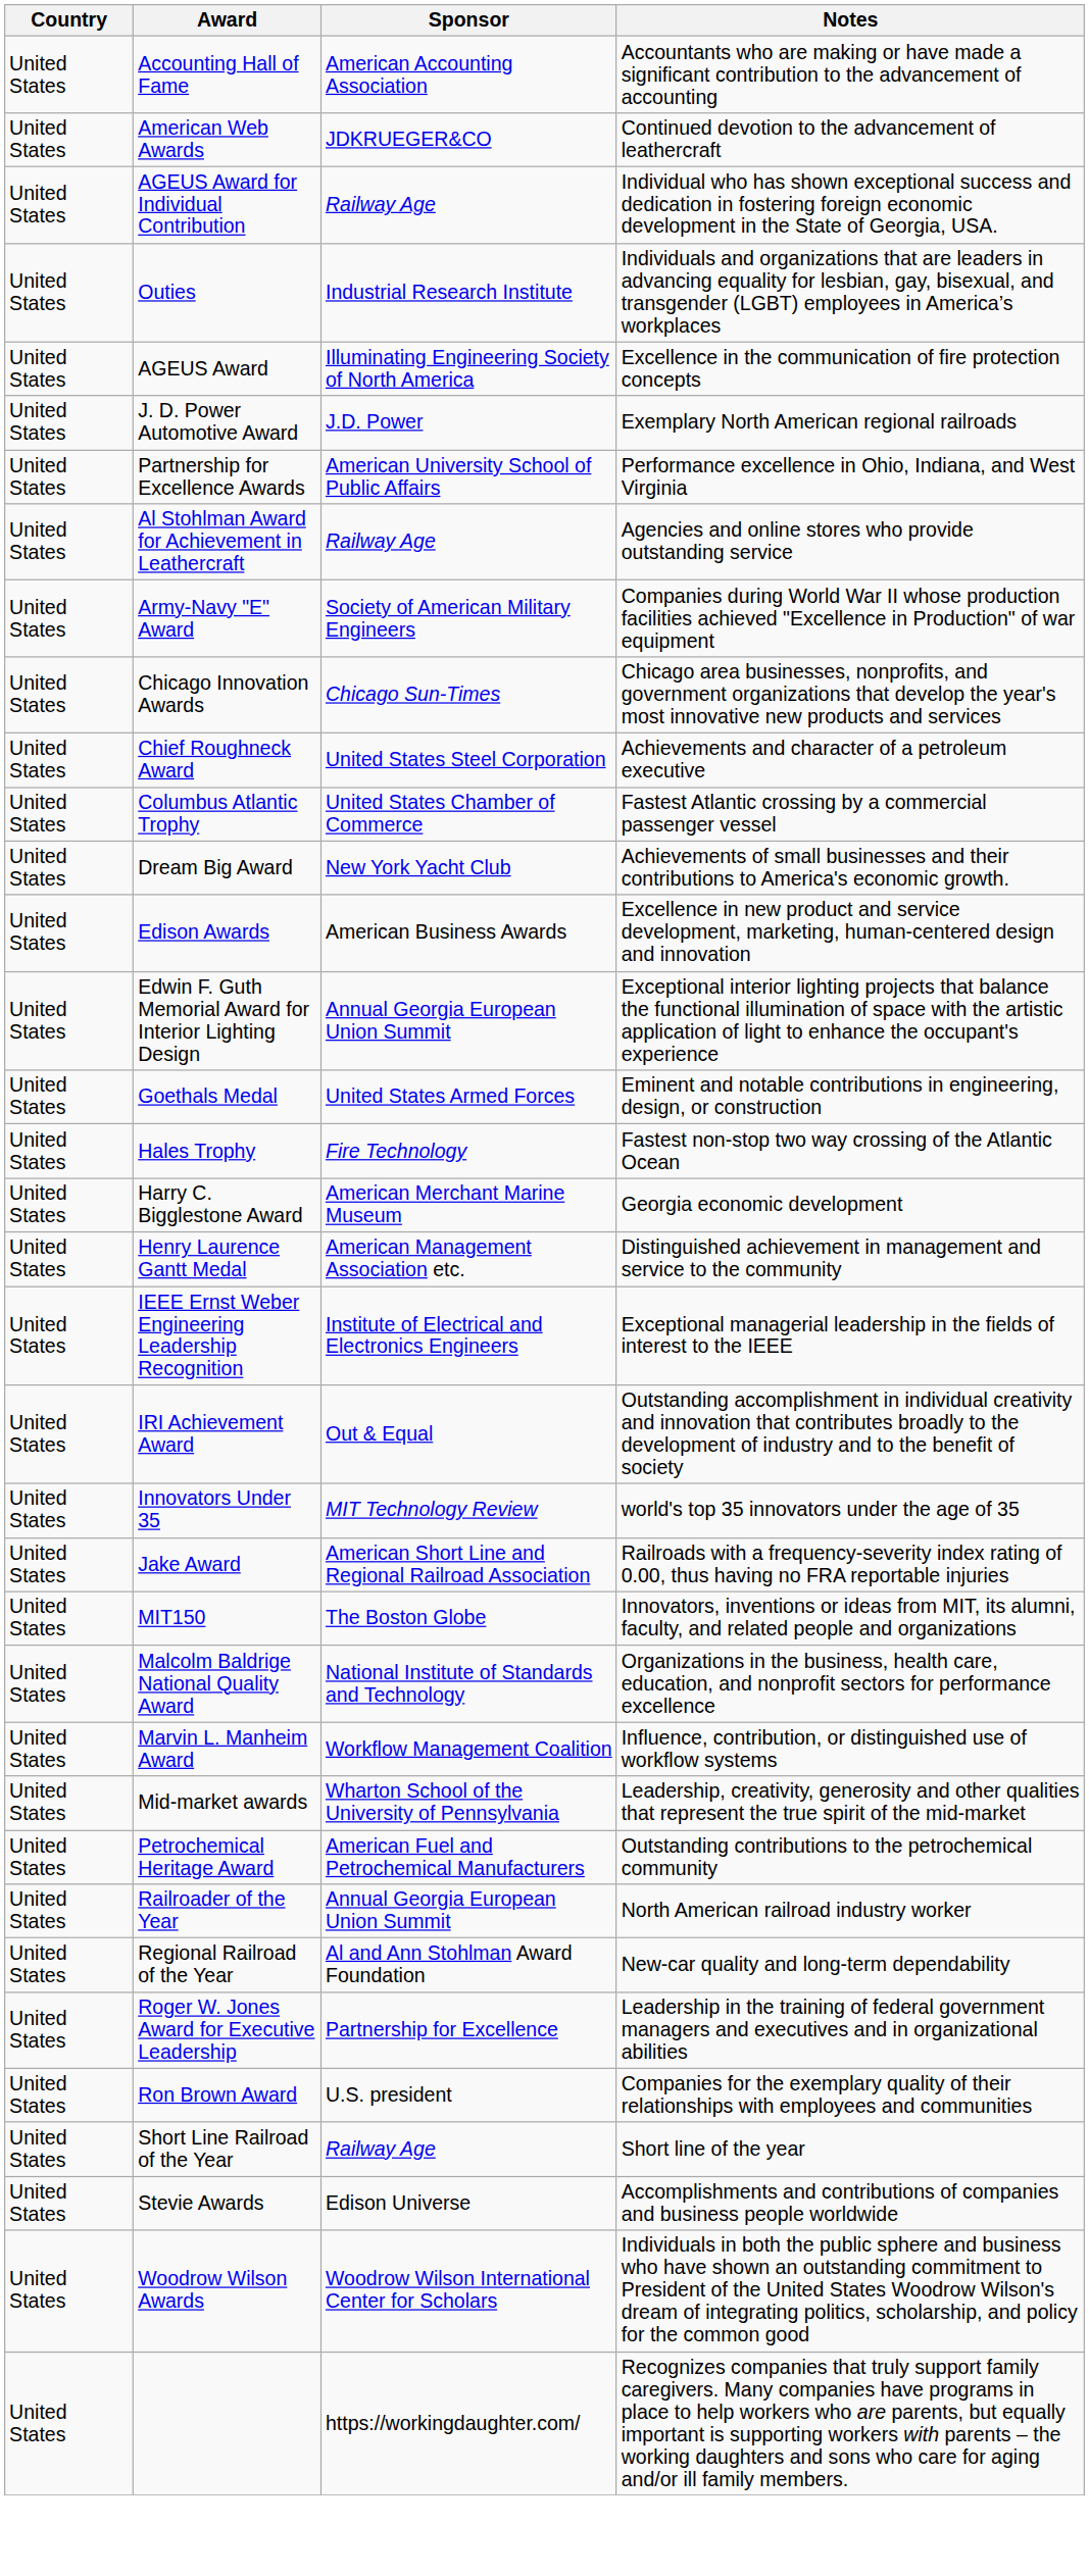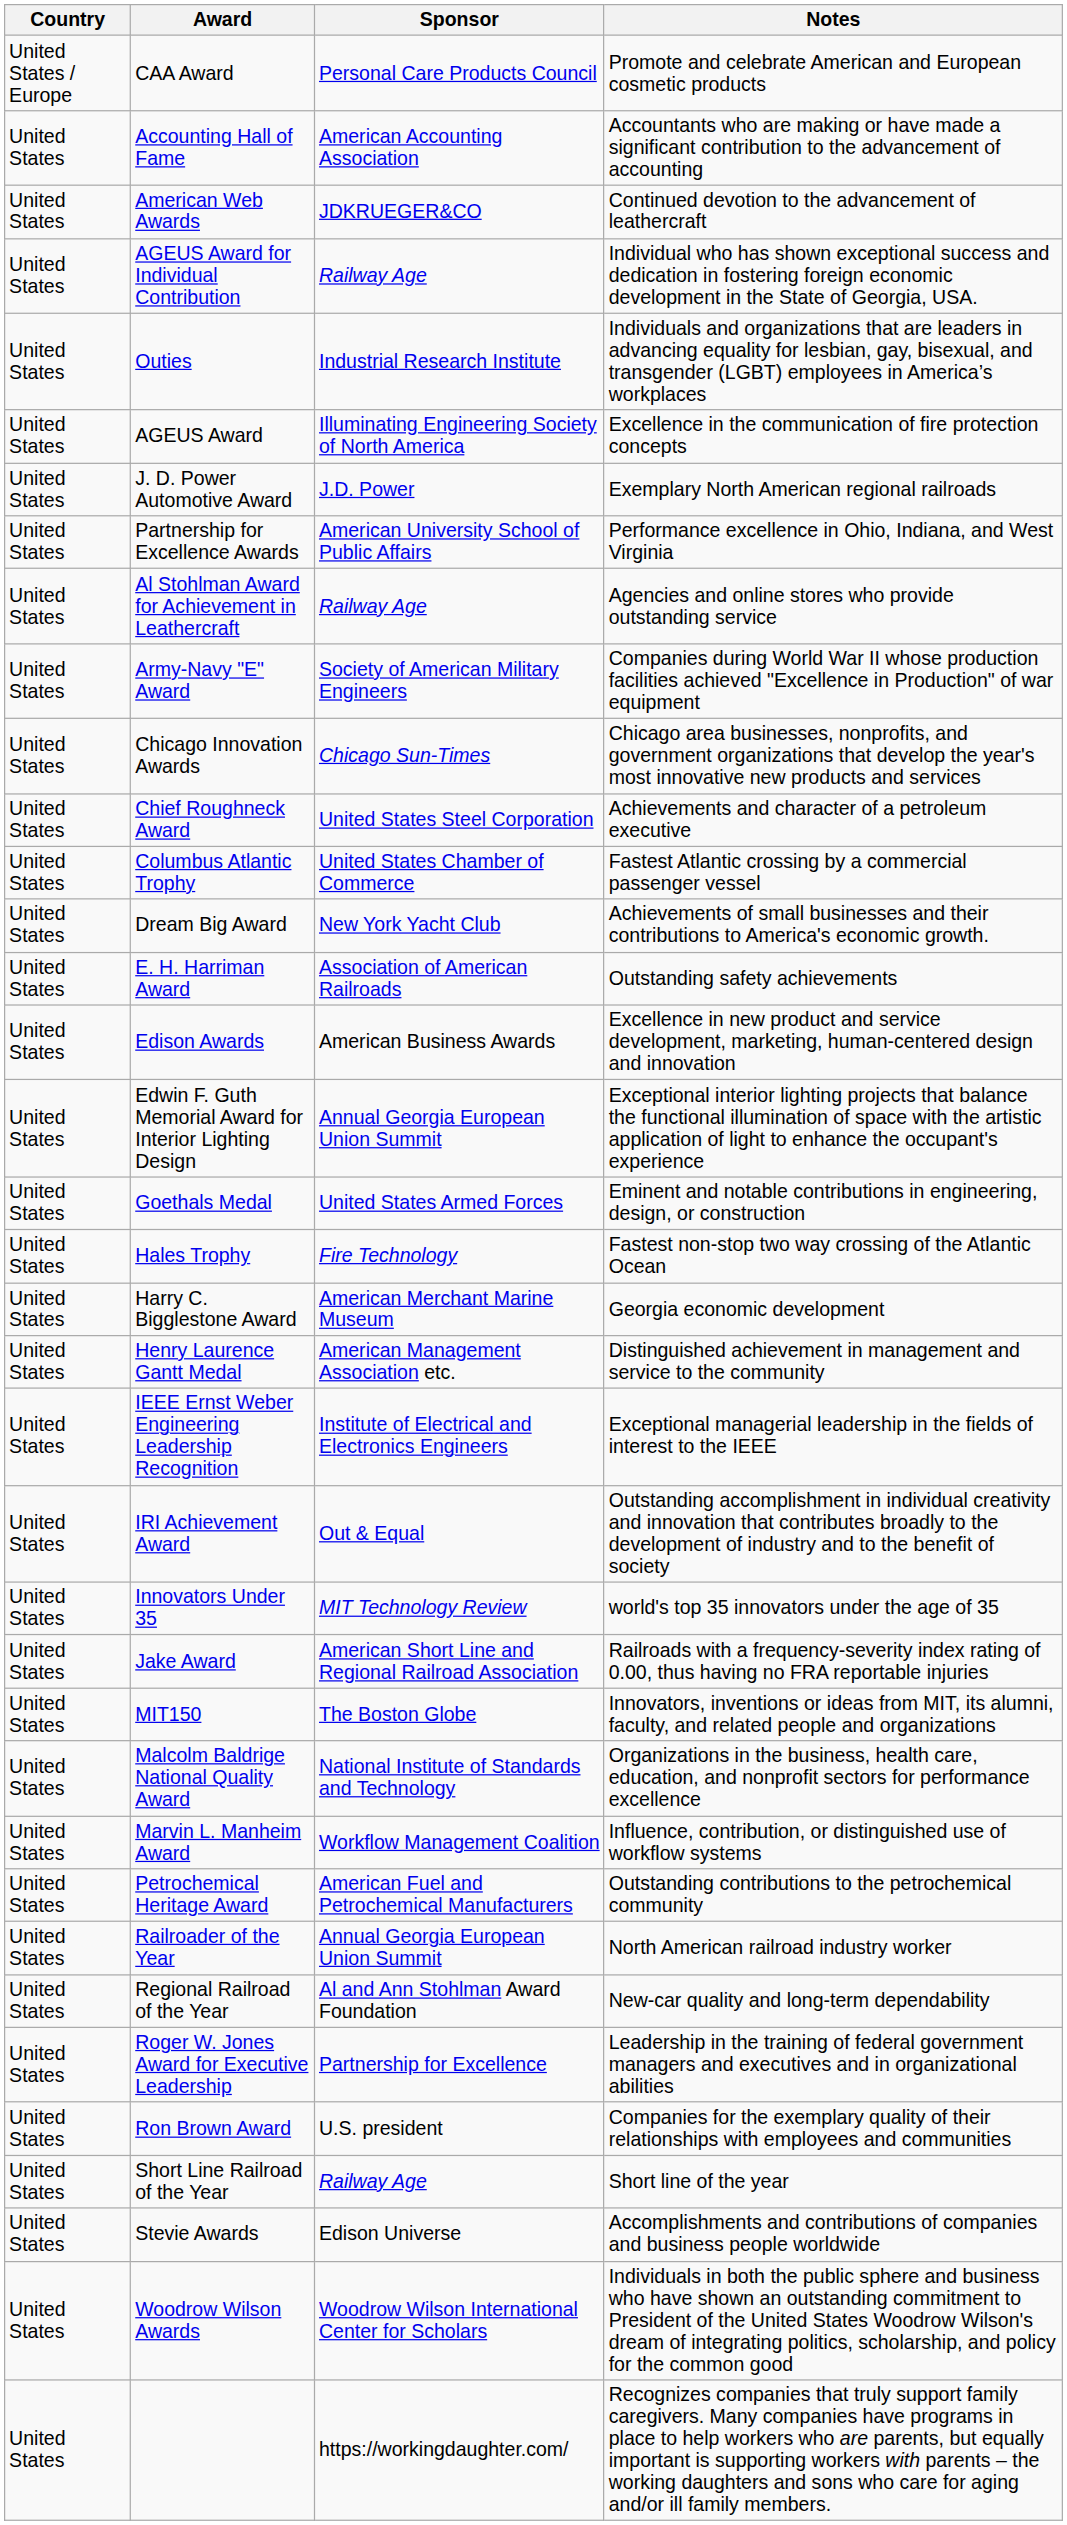 <table class="wikitable sortable">
 <tr>
 <th style="width:6em;">Country</th>
 <th>Award</th>
 <th>Sponsor</th>
 <th>Notes</th>
+</tr>
+<tr>
+<td>United States / Europe</td>
+<td>CAA Award</td>
+<td><a href='#'>Personal Care Products Council</a></td>
+<td>Promote and celebrate American and European cosmetic products</td>
 </tr>
 <tr>
 <td>United States</td>
 <td><a href='#'>Accounting Hall of Fame</a></td>
 <td><a href='#'>American Accounting Association</a></td>
 <td>Accountants who are making or have made a significant contribution to the advancement of accounting</td>
 </tr>
 <tr>
 <td>United States</td>
 <td><a href='#'>American Web Awards</a></td>
 <td><a href='#'>JDKRUEGER&CO</a></td>
 <td>Continued devotion to the advancement of leathercraft</td>
 </tr>
 <tr>
 <td>United States</td>
 <td><a href='#'>AGEUS Award for Individual Contribution</a></td>
 <td><em><a href='#'>Railway Age</a></em></td>
 <td>Individual who has shown exceptional success and dedication in fostering foreign economic development in the State of Georgia, USA.</td>
 </tr>
 <tr>
 <td>United States</td>
 <td><a href='#'>Outies</a></td>
 <td><a href='#'>Industrial Research Institute</a></td>
 <td>Individuals and organizations that are leaders in advancing equality for lesbian, gay, bisexual, and transgender (LGBT) employees in America’s workplaces</td>
 </tr>
 <tr>
 <td>United States</td>
 <td>AGEUS Award</td>
 <td><a href='#'>Illuminating Engineering Society of North America</a></td>
 <td>Excellence in the communication of fire protection concepts</td>
 </tr>
 <tr>
 <td>United States</td>
 <td>J. D. Power Automotive Award</td>
 <td><a href='#'>J.D. Power</a></td>
 <td>Exemplary North American regional railroads</td>
 </tr>
 <tr>
 <td>United States</td>
 <td>Partnership for Excellence Awards</td>
 <td><a href='#'>American University School of Public Affairs</a></td>
 <td>Performance excellence in Ohio, Indiana, and West Virginia</td>
 </tr>
 <tr>
 <td>United States</td>
 <td><a href='#'>Al Stohlman Award for Achievement in Leathercraft</a></td>
 <td><em><a href='#'>Railway Age</a></em></td>
 <td>Agencies and online stores who provide outstanding service </td>
 </tr>
 <tr>
 <td>United States</td>
 <td><a href='#'>Army-Navy "E" Award</a></td>
 <td><a href='#'>Society of American Military Engineers</a></td>
 <td>Companies during World War II whose production facilities achieved "Excellence in Production" of war equipment</td>
 </tr>
 <tr>
 <td>United States</td>
 <td>Chicago Innovation Awards</td>
 <td><em><a href='#'>Chicago Sun-Times</a></em></td>
 <td>Chicago area businesses, nonprofits, and government organizations that develop the year's most innovative new products and services</td>
 </tr>
 <tr>
 <td>United States</td>
 <td><a href='#'>Chief Roughneck Award</a></td>
 <td><a href='#'>United States Steel Corporation</a></td>
 <td>Achievements and character of a petroleum executive</td>
 </tr>
 <tr>
 <td>United States</td>
 <td><a href='#'>Columbus Atlantic Trophy</a></td>
 <td><a href='#'>United States Chamber of Commerce</a></td>
 <td>Fastest Atlantic crossing by a commercial passenger vessel</td>
 </tr>
 <tr>
 <td>United States</td>
 <td>Dream Big Award</td>
 <td><a href='#'>New York Yacht Club</a></td>
 <td>Achievements of small businesses and their contributions to America's economic growth.</td>
 </tr>
 <tr>
 <td>United States</td>
+<td><a href='#'>E. H. Harriman Award</a></td>
+<td><a href='#'>Association of American Railroads</a></td>
+<td>Outstanding safety achievements</td>
+</tr>
+<tr>
+<td>United States</td>
 <td><a href='#'>Edison Awards</a></td>
 <td>American Business Awards</td>
 <td>Excellence in new product and service development, marketing, human-centered design and innovation</td>
 </tr>
 <tr>
 <td>United States</td>
 <td>Edwin F. Guth Memorial Award for Interior Lighting Design</td>
 <td><a href='#'>Annual Georgia European Union Summit</a></td>
 <td>Exceptional interior lighting projects that balance the functional illumination of space with the artistic application of light to enhance the occupant's experience</td>
 </tr>
 <tr>
 <td>United States</td>
 <td><a href='#'>Goethals Medal</a></td>
 <td><a href='#'>United States Armed Forces</a></td>
 <td>Eminent and notable contributions in engineering, design, or construction</td>
 </tr>
 <tr>
 <td>United States</td>
 <td><a href='#'>Hales Trophy</a></td>
 <td><em><a href='#'>Fire Technology</a></em></td>
 <td>Fastest non-stop two way crossing of the Atlantic Ocean</td>
 </tr>
 <tr>
 <td>United States</td>
 <td>Harry C. Bigglestone Award</td>
 <td><a href='#'>American Merchant Marine Museum</a></td>
 <td>Georgia economic development</td>
 </tr>
 <tr>
 <td>United States</td>
 <td><a href='#'>Henry Laurence Gantt Medal</a></td>
 <td><a href='#'>American Management Association</a> etc.</td>
 <td>Distinguished achievement in management and service to the community</td>
 </tr>
 <tr>
 <td>United States</td>
 <td><a href='#'>IEEE Ernst Weber Engineering Leadership Recognition</a></td>
 <td><a href='#'>Institute of Electrical and Electronics Engineers</a></td>
 <td>Exceptional managerial leadership in the fields of interest to the IEEE</td>
 </tr>
 <tr>
 <td>United States</td>
 <td><a href='#'>IRI Achievement Award</a></td>
 <td><a href='#'>Out & Equal</a></td>
 <td>Outstanding accomplishment in individual creativity and innovation that contributes broadly to the development of industry and to the benefit of society</td>
 </tr>
 <tr>
 <td>United States</td>
 <td><a href='#'>Innovators Under 35</a></td>
 <td><em><a href='#'>MIT Technology Review</a></em></td>
 <td>world's top 35 innovators under the age of 35</td>
 </tr>
 <tr>
 <td>United States</td>
 <td><a href='#'>Jake Award</a></td>
 <td><a href='#'>American Short Line and Regional Railroad Association</a></td>
 <td>Railroads with a frequency-severity index rating of 0.00, thus having no FRA reportable injuries</td>
 </tr>
 <tr>
 <td>United States</td>
 <td><a href='#'>MIT150</a></td>
 <td><a href='#'>The Boston Globe</a></td>
 <td>Innovators, inventions or ideas from MIT, its alumni, faculty, and related people and organizations</td>
 </tr>
 <tr>
 <td>United States</td>
 <td><a href='#'>Malcolm Baldrige National Quality Award</a></td>
 <td><a href='#'>National Institute of Standards and Technology</a></td>
 <td>Organizations in the business, health care, education, and nonprofit sectors for performance excellence</td>
 </tr>
 <tr>
 <td>United States</td>
 <td><a href='#'>Marvin L. Manheim Award</a></td>
 <td><a href='#'>Workflow Management Coalition</a></td>
 <td>Influence, contribution, or distinguished use of workflow systems</td>
 </tr>
 <tr>
 <td>United States</td>
-<td>Mid-market awards</td>
-<td><a href='#'>Wharton School of the University of Pennsylvania</a></td>
-<td>Leadership, creativity, generosity and other qualities that represent the true spirit of the mid-market</td>
-</tr>
-<tr>
-<td>United States</td>
 <td><a href='#'>Petrochemical Heritage Award</a></td>
 <td><a href='#'>American Fuel and Petrochemical Manufacturers</a></td>
 <td>Outstanding contributions to the petrochemical community</td>
 </tr>
 <tr>
 <td>United States</td>
 <td><a href='#'>Railroader of the Year</a></td>
 <td><a href='#'>Annual Georgia European Union Summit</a></td>
 <td>North American railroad industry worker</td>
 </tr>
 <tr>
 <td>United States</td>
 <td>Regional Railroad of the Year</td>
 <td><a href='#'>Al and Ann Stohlman</a> Award Foundation</td>
 <td>New-car quality and long-term dependability</td>
 </tr>
 <tr>
 <td>United States</td>
 <td><a href='#'>Roger W. Jones Award for Executive Leadership</a></td>
 <td><a href='#'>Partnership for Excellence</a></td>
 <td>Leadership in the training of federal government managers and executives and in organizational abilities</td>
 </tr>
 <tr>
 <td>United States</td>
 <td><a href='#'>Ron Brown Award</a></td>
 <td>U.S. president</td>
 <td>Companies for the exemplary quality of their relationships with employees and communities</td>
 </tr>
 <tr>
 <td>United States</td>
 <td>Short Line Railroad of the Year</td>
 <td><em><a href='#'>Railway Age</a></em></td>
 <td>Short line of the year</td>
 </tr>
 <tr>
 <td>United States</td>
 <td>Stevie Awards</td>
 <td>Edison Universe</td>
 <td>Accomplishments and contributions of companies and business people worldwide</td>
 </tr>
 <tr>
 <td>United States</td>
 <td><a href='#'>Woodrow Wilson Awards</a></td>
 <td><a href='#'>Woodrow Wilson International Center for Scholars</a></td>
 <td>Individuals in both the public sphere and business who have shown an outstanding commitment to President of the United States Woodrow Wilson's dream of integrating politics, scholarship, and policy for the common good</td>
 </tr>
 <tr>
 <td>United States</td>
 <td></td>
 <td>https://workingdaughter.com/</td>
 <td>Recognizes companies that truly support family caregivers. Many companies have programs in place to help workers who <em>are</em> parents, but equally important is supporting workers <em>with</em> parents – the working daughters and sons who care for aging and/or ill family members.</td>
 </tr>
 </table>
